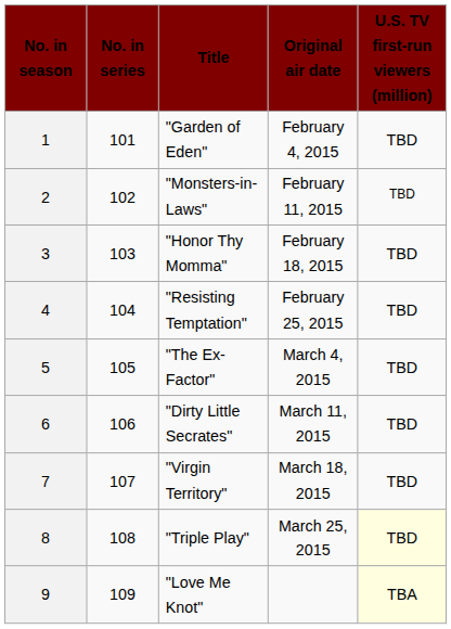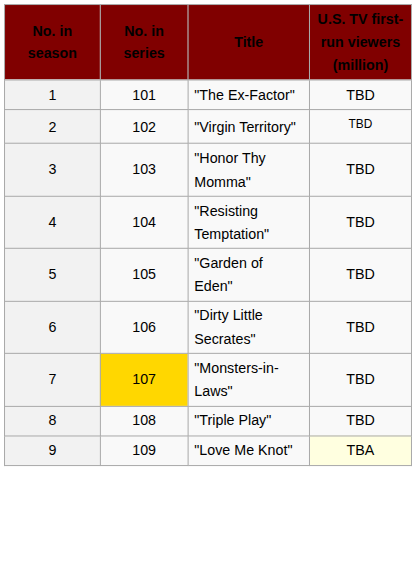 <table class="wikitable plainrowheaders article-table" style="font-size: 14px; border-color: rgb(170, 170, 170); color: black; font-family: sans-serif; line-height: 22.4px; width: 400px; height: 400px;">
 <tr>
 <th scope="col" style="padding-right:0.4em;padding-left:0.4em;width:7%;background-color:maroon;"><span>No. in<br>season</span></th>
 <th scope="col" style="padding-right:0.4em;padding-left:0.4em;width:7%;background-color:maroon;"><span>No. in<br>series</span></th>
 <th scope="col" style="padding-right:0.4em;padding-left:0.4em;width:7%;background-color:maroon;"><span>Title</span></th>
-<th scope="col" style="padding-right:0.4em;padding-left:0.4em;width:7%;background-color:maroon;"><span>Original air date</span></th>
 <th scope="col" style="padding-right:0.4em;padding-left:0.4em;width:7%;background-color:maroon;"><span>U.S. TV first-run viewers<br>(million)</span></th>
 </tr>
 <tr class="vevent" style="text-align:center;background:inherit;">
 <th id="ep1" scope="row" style="padding-right:0.4em;padding-left:0.4em;font-weight:normal;">1</th>
 <td style="padding-right:0.4em;padding-left:0.4em;">101</td>
-<td class="summary" style="padding-right:0.4em;padding-left:0.4em;text-align:left;">"Garden of Eden"</td>
-<td style="padding-right:0.4em;padding-left:0.4em;">February 4, 2015</td>
+<td class="summary" style="padding-right:0.4em;padding-left:0.4em;text-align:left;">"The Ex-Factor"</td>
 <td style="padding-right:0.4em;padding-left:0.4em;">TBD</td>
 </tr>
 <tr class="vevent" style="text-align:center;background:inherit;">
 <th id="ep2" scope="row" style="padding-right:0.4em;padding-left:0.4em;font-weight:normal;">2</th>
 <td style="padding-right:0.4em;padding-left:0.4em;">102</td>
-<td class="summary" style="padding-right:0.4em;padding-left:0.4em;text-align:left;">"Monsters-in-Laws"</td>
-<td style="padding-right:0.4em;padding-left:0.4em;">February 11, 2015</td>
+<td class="summary" style="padding-right:0.4em;padding-left:0.4em;text-align:left;">"Virgin Territory"</td>
 <td style="padding-right:0.4em;padding-left:0.4em;"><sup><span>TBD</span></sup></td>
 </tr>
 <tr class="vevent" style="text-align:center;background:inherit;">
 <th id="ep3" scope="row" style="padding-right:0.4em;padding-left:0.4em;font-weight:normal;">3</th>
 <td style="padding-right:0.4em;padding-left:0.4em;">103</td>
 <td class="summary" style="padding-right:0.4em;padding-left:0.4em;text-align:left;">"Honor Thy Momma"</td>
-<td style="padding-right:0.4em;padding-left:0.4em;">February 18, 2015</td>
 <td style="padding-right:0.4em;padding-left:0.4em;">TBD</td>
 </tr>
 <tr class="vevent" style="text-align:center;background:inherit;">
 <th id="ep4" scope="row" style="padding-right:0.4em;padding-left:0.4em;font-weight:normal;">4</th>
 <td style="padding-right:0.4em;padding-left:0.4em;">104</td>
 <td class="summary" style="padding-right:0.4em;padding-left:0.4em;text-align:left;">"Resisting Temptation"</td>
-<td style="padding-right:0.4em;padding-left:0.4em;">February 25, 2015</td>
 <td style="padding-right:0.4em;padding-left:0.4em;"><span>TBD</span></td>
 </tr>
 <tr class="vevent" style="text-align:center;background:inherit;">
 <th id="ep5" scope="row" style="padding-right:0.4em;padding-left:0.4em;font-weight:normal;">5</th>
 <td style="padding-right:0.4em;padding-left:0.4em;">105</td>
-<td class="summary" style="padding-right:0.4em;padding-left:0.4em;text-align:left;">"The Ex-Factor"</td>
-<td style="padding-right:0.4em;padding-left:0.4em;">March 4, 2015</td>
+<td class="summary" style="padding-right:0.4em;padding-left:0.4em;text-align:left;">"Garden of Eden"</td>
 <td style="padding-right:0.4em;padding-left:0.4em;"><span>TBD</span></td>
 </tr>
 <tr class="vevent" style="text-align:center;background:inherit;">
 <th id="ep6" scope="row" style="padding-right:0.4em;padding-left:0.4em;font-weight:normal;">6</th>
 <td style="padding-right:0.4em;padding-left:0.4em;">106</td>
 <td class="summary" style="padding-right:0.4em;padding-left:0.4em;text-align:left;">"Dirty Little Secrates"</td>
-<td style="padding-right:0.4em;padding-left:0.4em;">March 11, 2015</td>
 <td style="padding-right:0.4em;padding-left:0.4em;"><span>TBD</span></td>
 </tr>
 <tr>
 <th scope="row" style="padding-right:0.4em;padding-left:0.4em;font-weight:normal;">7</th>
-<td style="padding-right:0.4em;padding-left:0.4em;text-align:center;">107</td>
-<td class="summary" style="padding-right:0.4em;padding-left:0.4em;text-align:left;">"Virgin Territory"</td>
-<td style="padding-right:0.4em;padding-left:0.4em;text-align:center;">March 18, 2015</td>
+<td style="background: gold; padding-right:0.4em;padding-left:0.4em;text-align:center;">107</td>
+<td class="summary" style="padding-right:0.4em;padding-left:0.4em;text-align:left;">"Monsters-in-Laws"</td>
 <td style="padding-right:0.4em;padding-left:0.4em;text-align:center;">TBD</td>
 </tr>
 <tr>
 <th scope="row" style="padding-right:0.4em;padding-left:0.4em;font-weight:normal;">8</th>
 <td style="padding-right:0.4em;padding-left:0.4em;text-align:center;">108</td>
 <td class="summary" style="padding-right:0.4em;padding-left:0.4em;text-align:left;">"Triple Play"</td>
-<td style="padding-right:0.4em;padding-left:0.4em;text-align:center;">March 25, 2015</td>
-<td style="background: lightyellow; padding-right:0.4em;padding-left:0.4em;text-align:center;">TBD</td>
+<td style="padding-right:0.4em;padding-left:0.4em;text-align:center;">TBD</td>
 </tr>
 <tr>
 <th scope="row" style="padding-right:0.4em;padding-left:0.4em;font-weight:normal;">9</th>
 <td style="padding-right:0.4em;padding-left:0.4em;text-align:center;">109</td>
 <td class="summary" style="padding-right:0.4em;padding-left:0.4em;text-align:left;">"Love Me Knot"</td>
-<td style="padding-right:0.4em;padding-left:0.4em;text-align:center;"></td>
 <td style="background: lightyellow; padding-right:0.4em;padding-left:0.4em;text-align:center;">TBA</td>
 </tr>
 </table>
